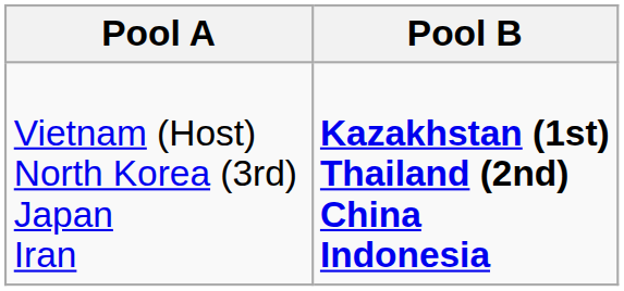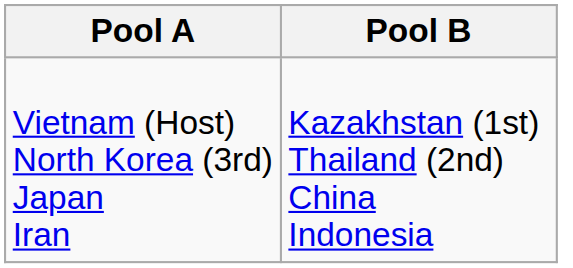 <table class="wikitable">
 <tr>
 <th width=50%>Pool A</th>
 <th width=50%>Pool B</th>
 </tr>
 <tr>
 <td><br> <a href='#'>Vietnam</a> (Host)<br>  <a href='#'>North Korea</a> (3rd)<br>  <a href='#'>Japan</a><br>  <a href='#'>Iran</a></td>
-<td><strong><br> <a href='#'>Kazakhstan</a> (1st)<br>  <a href='#'>Thailand</a> (2nd)<br>  <a href='#'>China</a><br>  <a href='#'>Indonesia</a></strong></td>
+<td><br> <a href='#'>Kazakhstan</a> (1st)<br>  <a href='#'>Thailand</a> (2nd)<br>  <a href='#'>China</a><br>  <a href='#'>Indonesia</a></td>
 </tr>
 </table>
